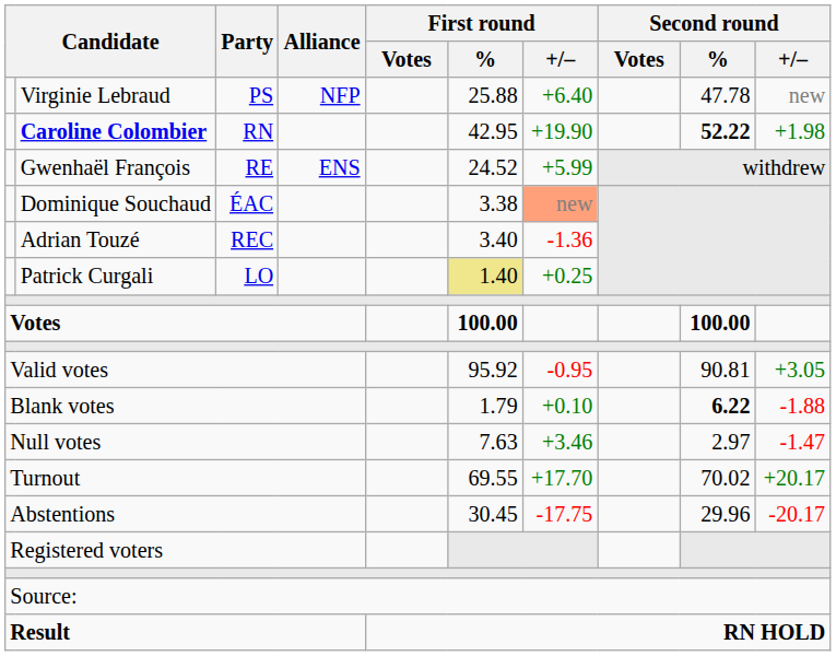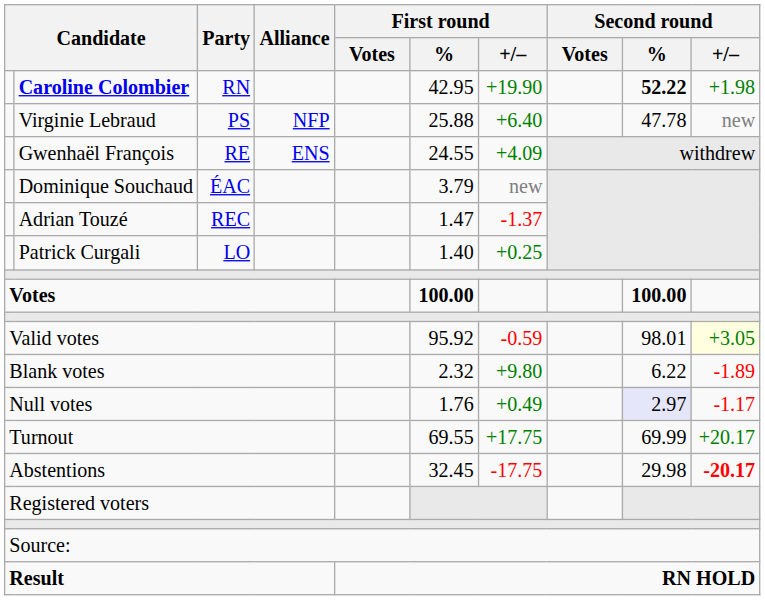 <table class="wikitable" style="text-align:right;font-size:95%;">
 <tr>
 <th rowspan="2" colspan="2">Candidate</th>
 <th colspan="1" rowspan="2">Party</th>
 <th colspan="1" rowspan="2">Alliance</th>
 <th colspan="3">First round</th>
 <th colspan="3">Second round</th>
 </tr>
 <tr>
 <th style="width:50px;">Votes</th>
 <th style="width:45px;">%</th>
 <th style="width:45px;">+/–</th>
 <th style="width:50px;">Votes</th>
 <th style="width:45px;">%</th>
 <th style="width:45px;">+/–</th>
 </tr>
 <tr>
 <td style="color:inherit;background:"></td>
+<td style="text-align:left;"><strong><a href='#'>Caroline Colombier</a></strong></td>
+<td><a href='#'>RN</a></td>
+<td></td>
+<td></td>
+<td>42.95</td>
+<td style="color:green;">+19.90</td>
+<td><strong></strong></td>
+<td><strong>52.22</strong></td>
+<td style="color:green;">+1.98</td>
+</tr>
+<tr>
+<td style="color:inherit;background:"></td>
 <td style="text-align:left;">Virginie Lebraud</td>
 <td><a href='#'>PS</a></td>
 <td><a href='#'>NFP</a></td>
 <td></td>
 <td>25.88</td>
 <td style="color:green;">+6.40</td>
 <td></td>
 <td>47.78</td>
 <td style="color:grey;">new</td>
 </tr>
 <tr>
 <td style="color:inherit;background:"></td>
-<td style="text-align:left;"><strong><a href='#'>Caroline Colombier</a></strong></td>
-<td><a href='#'>RN</a></td>
-<td></td>
-<td></td>
-<td>42.95</td>
-<td style="color:green;">+19.90</td>
-<td><strong></strong></td>
-<td><strong>52.22</strong></td>
-<td style="color:green;">+1.98</td>
-</tr>
-<tr>
-<td style="color:inherit;background:"></td>
 <td style="text-align:left;">Gwenhaël François</td>
 <td><a href='#'>RE</a></td>
 <td><a href='#'>ENS</a></td>
 <td></td>
-<td>24.52</td>
-<td style="color:green;">+5.99</td>
+<td>24.55</td>
+<td style="color:green;">+4.09</td>
 <td colspan="3" style="background:#E9E9E9;">withdrew</td>
 </tr>
 <tr>
 <td style="color:inherit;background:"></td>
 <td style="text-align:left;">Dominique Souchaud</td>
 <td><a href='#'>ÉAC</a></td>
 <td></td>
 <td></td>
-<td>3.38</td>
-<td style="background: lightsalmon; color:grey;">new</td>
+<td>3.79</td>
+<td style="color:grey;">new</td>
 <td colspan="3" rowspan="3" style="background:#E9E9E9;"></td>
 </tr>
 <tr>
 <td style="color:inherit;background:"></td>
 <td style="text-align:left;">Adrian Touzé</td>
 <td><a href='#'>REC</a></td>
 <td></td>
 <td></td>
-<td>3.40</td>
-<td style="color:red;">-1.36</td>
+<td>1.47</td>
+<td style="color:red;">-1.37</td>
 </tr>
 <tr>
 <td style="color:inherit;background:"></td>
 <td style="text-align:left;">Patrick Curgali</td>
 <td><a href='#'>LO</a></td>
 <td></td>
 <td></td>
-<td style="background: khaki;">1.40</td>
+<td>1.40</td>
 <td style="color:green;">+0.25</td>
 </tr>
 <tr>
 <td colspan="10" style="background:#E9E9E9;"></td>
 </tr>
 <tr style="font-weight:bold;">
 <td colspan="4" style="text-align:left;">Votes</td>
 <td></td>
 <td>100.00</td>
 <td></td>
 <td></td>
 <td>100.00</td>
 <td></td>
 </tr>
 <tr>
 <td colspan="10" style="background:#E9E9E9;"></td>
 </tr>
 <tr>
 <td colspan="4" style="text-align:left;">Valid votes</td>
 <td></td>
 <td>95.92</td>
-<td style="color:red;">-0.95</td>
+<td style="color:red;">-0.59</td>
 <td></td>
-<td>90.81</td>
-<td style="color:green;">+3.05</td>
+<td>98.01</td>
+<td style="background: lightyellow; color:green;">+3.05</td>
 </tr>
 <tr>
 <td colspan="4" style="text-align:left;">Blank votes</td>
 <td></td>
-<td>1.79</td>
-<td style="color:green;">+0.10</td>
+<td>2.32</td>
+<td style="color:green;">+9.80</td>
 <td></td>
-<td><strong>6.22</strong></td>
-<td style="color:red;">-1.88</td>
+<td>6.22</td>
+<td style="color:red;">-1.89</td>
 </tr>
 <tr>
 <td colspan="4" style="text-align:left;">Null votes</td>
 <td></td>
-<td>7.63</td>
-<td style="color:green;">+3.46</td>
+<td>1.76</td>
+<td style="color:green;">+0.49</td>
 <td></td>
-<td>2.97</td>
-<td style="color:red;">-1.47</td>
+<td style="background: lavender;">2.97</td>
+<td style="color:red;">-1.17</td>
 </tr>
 <tr>
 <td colspan="4" style="text-align:left;">Turnout</td>
 <td></td>
 <td>69.55</td>
-<td style="color:green;">+17.70</td>
+<td style="color:green;">+17.75</td>
 <td></td>
-<td>70.02</td>
+<td>69.99</td>
 <td style="color:green;">+20.17</td>
 </tr>
 <tr>
 <td colspan="4" style="text-align:left;">Abstentions</td>
 <td></td>
-<td>30.45</td>
+<td>32.45</td>
 <td style="color:red;">-17.75</td>
 <td></td>
-<td>29.96</td>
-<td style="color:red;">-20.17</td>
+<td>29.98</td>
+<td style="color:red;"><strong>-20.17</strong></td>
 </tr>
 <tr>
 <td colspan="4" style="text-align:left;">Registered voters</td>
 <td></td>
 <td colspan="2" style="background:#E9E9E9;"></td>
 <td></td>
 <td colspan="2" style="background:#E9E9E9;"></td>
 </tr>
 <tr>
 <td colspan="10" style="background:#E9E9E9;"></td>
 </tr>
 <tr>
 <td colspan="10" style="text-align:left;">Source: </td>
 </tr>
 <tr style="font-weight:bold">
 <td colspan="4" style="text-align:left;">Result</td>
 <td colspan="6" style="background-color:">RN HOLD</td>
 </tr>
 </table>
